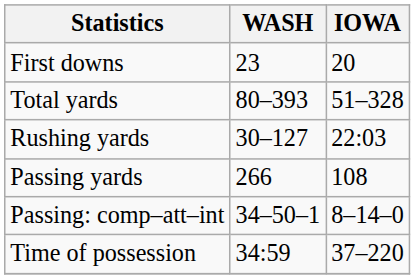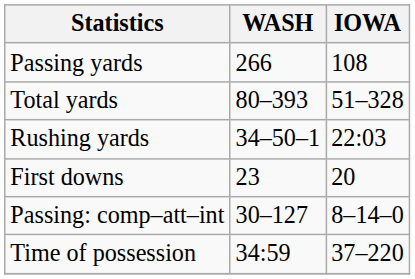 <table class="wikitable" style="float: left;">
 <tr>
 <th>Statistics</th>
 <th>WASH</th>
 <th>IOWA</th>
 </tr>
 <tr>
-<td>First downs</td>
-<td>23</td>
-<td>20</td>
+<td>Passing yards</td>
+<td>266</td>
+<td>108</td>
 </tr>
 <tr>
 <td>Total yards</td>
 <td>80–393</td>
 <td>51–328</td>
 </tr>
 <tr>
 <td>Rushing yards</td>
-<td>30–127</td>
+<td>34–50–1</td>
 <td>22:03</td>
 </tr>
 <tr>
-<td>Passing yards</td>
-<td>266</td>
-<td>108</td>
+<td>First downs</td>
+<td>23</td>
+<td>20</td>
 </tr>
 <tr>
 <td>Passing: comp–att–int</td>
-<td>34–50–1</td>
+<td>30–127</td>
 <td>8–14–0</td>
 </tr>
 <tr>
 <td>Time of possession</td>
 <td>34:59</td>
 <td>37–220</td>
 </tr>
 <tr>
 </tr>
 </table>
